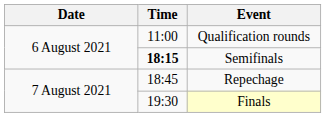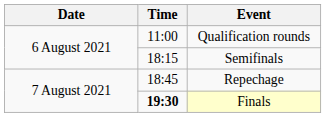 <table class = "wikitable" style="text-align:center;">
 <tr>
 <th width=150>Date</th>
 <th width=50>Time</th>
 <th width=150>Event</th>
 </tr>
 <tr>
 <td rowspan=2>6 August 2021</td>
 <td>11:00</td>
 <td>Qualification rounds</td>
 </tr>
 <tr>
-<td><strong>18:15</strong></td>
+<td>18:15</td>
 <td>Semifinals</td>
 </tr>
 <tr>
 <td rowspan=2>7 August 2021</td>
 <td>18:45</td>
 <td>Repechage</td>
 </tr>
 <tr>
-<td>19:30</td>
+<td><strong>19:30</strong></td>
 <td bgcolor=ffffcc>Finals</td>
 </tr>
 </table>
